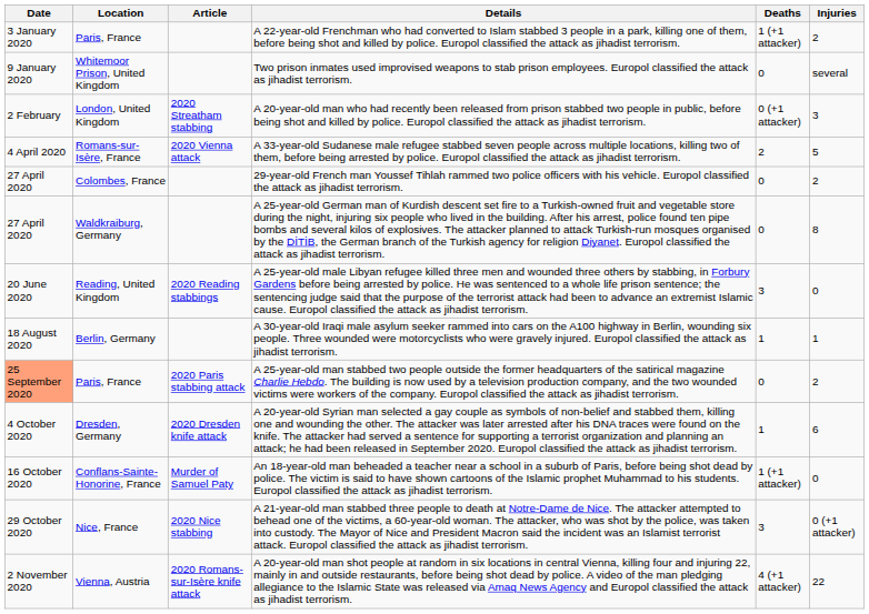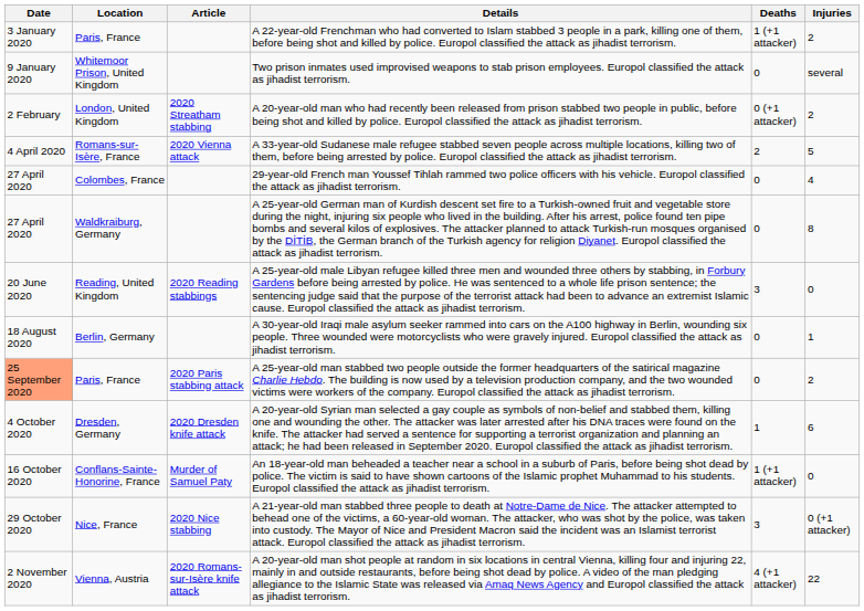 <table class="wikitable ">
 <tr>
 <th>Date</th>
 <th>Location</th>
 <th>Article</th>
 <th>Details</th>
 <th>Deaths</th>
 <th>Injuries</th>
 </tr>
 <tr>
 <td>3 January 2020</td>
 <td> <a href='#'>Paris</a>, France</td>
 <td></td>
 <td>A 22-year-old Frenchman who had converted to Islam stabbed 3 people in a park, killing one of them, before being shot and killed by police. Europol classified the attack as jihadist terrorism.</td>
 <td>1 (+1 attacker)</td>
 <td>2</td>
 </tr>
 <tr>
 <td>9 January 2020</td>
 <td> <a href='#'>Whitemoor Prison</a>, United Kingdom</td>
 <td></td>
 <td>Two prison inmates used improvised weapons to stab prison employees. Europol classified the attack as jihadist terrorism.</td>
 <td>0</td>
 <td>several</td>
 </tr>
 <tr>
 <td>2 February</td>
 <td> <a href='#'>London</a>, United Kingdom</td>
 <td><a href='#'>2020 Streatham stabbing</a></td>
 <td>A 20-year-old man who had recently been released from prison stabbed two people in public, before being shot and killed by police. Europol classified the attack as jihadist terrorism.</td>
 <td>0 (+1 attacker)</td>
-<td>3</td>
+<td>2</td>
 </tr>
 <tr>
 <td>4 April 2020</td>
 <td> <a href='#'>Romans-sur-Isère</a>, France</td>
 <td><a href='#'>2020 Vienna attack</a></td>
 <td>A 33-year-old Sudanese male refugee stabbed seven people across multiple locations, killing two of them, before being arrested by police. Europol classified the attack as jihadist terrorism.</td>
 <td>2</td>
 <td>5</td>
 </tr>
 <tr>
 <td>27 April 2020</td>
 <td> <a href='#'>Colombes</a>, France</td>
 <td></td>
 <td>29-year-old French man Youssef Tihlah rammed two police officers with his vehicle. Europol classified the attack as jihadist terrorism.</td>
 <td>0</td>
-<td>2</td>
+<td>4</td>
 </tr>
 <tr>
 <td>27 April 2020</td>
 <td> <a href='#'>Waldkraiburg</a>, Germany</td>
 <td></td>
 <td>A 25-year-old German man of Kurdish descent set fire to a Turkish-owned fruit and vegetable store during the night, injuring six people who lived in the  building. After his arrest, police found ten pipe bombs and several kilos of explosives. The attacker planned to attack Turkish-run mosques organised by the <a href='#'>DİTİB</a>, the German branch of the Turkish agency for religion <a href='#'>Diyanet</a>. Europol classified the attack as jihadist terrorism.</td>
 <td>0</td>
 <td>8</td>
 </tr>
 <tr>
 <td>20 June 2020</td>
 <td> <a href='#'>Reading</a>, United Kingdom</td>
 <td><a href='#'>2020 Reading stabbings</a></td>
 <td>A 25-year-old male Libyan refugee killed three men and wounded three others by stabbing, in <a href='#'>Forbury Gardens</a> before being arrested by police. He was sentenced to a whole life prison sentence; the sentencing judge said that the purpose of the terrorist attack had been to advance an extremist Islamic cause. Europol classified the attack as jihadist terrorism.</td>
 <td>3</td>
 <td>0</td>
 </tr>
 <tr>
 <td>18 August 2020</td>
 <td> <a href='#'>Berlin</a>, Germany</td>
 <td></td>
 <td>A 30-year-old Iraqi male asylum seeker rammed into cars on the A100 highway in Berlin, wounding six people. Three wounded were motorcyclists who were gravely injured. Europol classified the attack as jihadist terrorism.</td>
-<td>1</td>
+<td>0</td>
 <td>1</td>
 </tr>
 <tr>
 <td style="background: lightsalmon;">25 September 2020</td>
 <td> <a href='#'>Paris</a>, France</td>
 <td><a href='#'>2020 Paris stabbing attack</a></td>
 <td>A 25-year-old man stabbed two people outside the former headquarters of the satirical magazine <em><a href='#'>Charlie Hebdo</a></em>. The building is now used by a television production company, and the two wounded victims were workers of the company. Europol classified the attack as jihadist terrorism.</td>
 <td>0</td>
 <td>2</td>
 </tr>
 <tr>
 <td>4 October 2020</td>
 <td> <a href='#'>Dresden</a>, Germany</td>
 <td><a href='#'>2020 Dresden knife attack</a></td>
 <td>A 20-year-old Syrian man selected a gay couple as symbols of non-belief and stabbed them, killing one and wounding the other. The attacker was later arrested after his DNA traces were found on the knife. The attacker had served a sentence for supporting a terrorist organization and planning an attack; he had been released in September 2020. Europol classified the attack as jihadist terrorism.</td>
 <td>1</td>
 <td>6</td>
 </tr>
 <tr>
 <td>16 October 2020</td>
 <td> <a href='#'>Conflans-Sainte-Honorine</a>, France</td>
 <td><a href='#'>Murder of Samuel Paty</a></td>
 <td>An 18-year-old man beheaded a teacher near a school in a suburb of Paris, before being shot dead by police. The victim is said to have shown cartoons of the Islamic prophet Muhammad to his students. Europol classified the attack as jihadist terrorism.</td>
 <td>1 (+1 attacker)</td>
 <td>0</td>
 </tr>
 <tr>
 <td>29 October 2020</td>
 <td> <a href='#'>Nice</a>, France</td>
 <td><a href='#'>2020 Nice stabbing</a></td>
 <td>A 21-year-old man stabbed three people to death at <a href='#'>Notre-Dame de Nice</a>. The attacker attempted to behead one of the victims, a 60-year-old woman. The attacker, who was shot by the police, was taken into custody. The Mayor of Nice and President Macron said the incident was an Islamist terrorist attack. Europol classified the attack as jihadist terrorism.</td>
 <td>3</td>
 <td>0 (+1 attacker)</td>
 </tr>
 <tr>
 <td>2 November 2020</td>
 <td> <a href='#'>Vienna</a>, Austria</td>
 <td><a href='#'>2020 Romans-sur-Isère knife attack</a></td>
 <td>A 20-year-old man shot people at random in six locations in central Vienna, killing four and injuring 22, mainly in and outside restaurants, before being shot dead by police. A video of the man pledging allegiance to the Islamic State was released via <a href='#'>Amaq News Agency</a> and Europol classified the attack as jihadist terrorism.</td>
 <td>4 (+1 attacker)</td>
 <td>22</td>
 </tr>
 </table>
